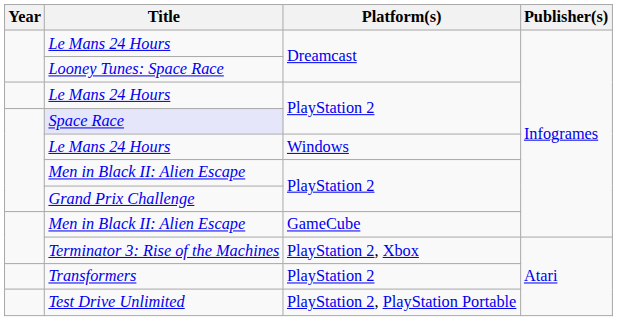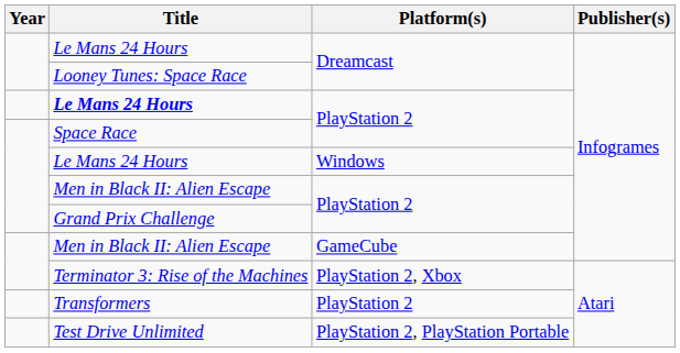 <table class="wikitable sortable">
 <tr>
 <th>Year</th>
 <th>Title</th>
 <th>Platform(s)</th>
 <th>Publisher(s)</th>
 </tr>
 <tr>
 <td rowspan="2"></td>
 <td><em><a href='#'>Le Mans 24 Hours</a></em></td>
 <td rowspan="2"><a href='#'>Dreamcast</a></td>
 <td rowspan="8"><a href='#'>Infogrames</a></td>
 </tr>
 <tr>
 <td><em><a href='#'>Looney Tunes: Space Race</a></em></td>
 </tr>
 <tr>
 <td></td>
-<td><em><a href='#'>Le Mans 24 Hours</a></em></td>
+<td><strong><em><a href='#'>Le Mans 24 Hours</a></em></strong></td>
 <td rowspan="2"><a href='#'>PlayStation 2</a></td>
 </tr>
 <tr>
 <td rowspan="4"></td>
-<td style="background: lavender;"><em><a href='#'>Space Race</a></em></td>
+<td><em><a href='#'>Space Race</a></em></td>
 </tr>
 <tr>
 <td><em><a href='#'>Le Mans 24 Hours</a></em></td>
 <td><a href='#'>Windows</a></td>
 </tr>
 <tr>
 <td><em><a href='#'>Men in Black II: Alien Escape</a></em></td>
 <td rowspan="2"><a href='#'>PlayStation 2</a></td>
 </tr>
 <tr>
 <td><em><a href='#'>Grand Prix Challenge</a></em></td>
 </tr>
 <tr>
 <td rowspan="2"></td>
 <td><em><a href='#'>Men in Black II: Alien Escape</a></em></td>
 <td><a href='#'>GameCube</a></td>
 </tr>
 <tr>
 <td><em><a href='#'>Terminator 3: Rise of the Machines</a></em></td>
 <td><a href='#'>PlayStation 2</a>, <a href='#'>Xbox</a></td>
 <td rowspan="3"><a href='#'>Atari</a></td>
 </tr>
 <tr>
 <td></td>
 <td><em><a href='#'>Transformers</a></em></td>
 <td><a href='#'>PlayStation 2</a></td>
 </tr>
 <tr>
 <td></td>
 <td><em><a href='#'>Test Drive Unlimited</a></em></td>
 <td><a href='#'>PlayStation 2</a>, <a href='#'>PlayStation Portable</a></td>
 </tr>
 </table>
